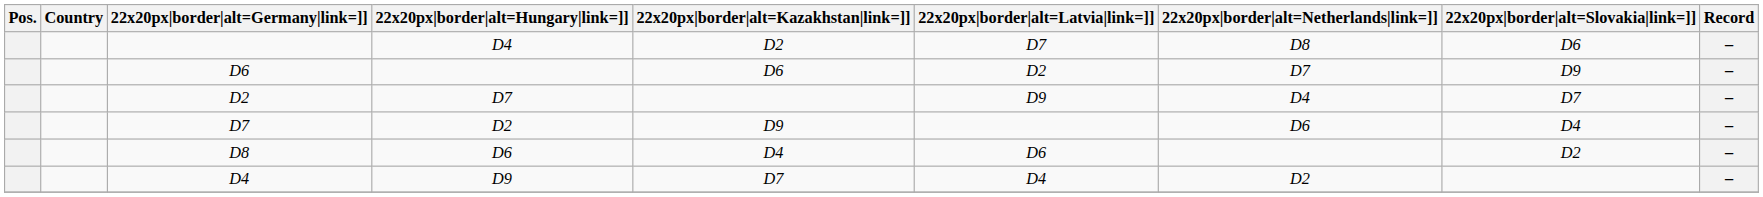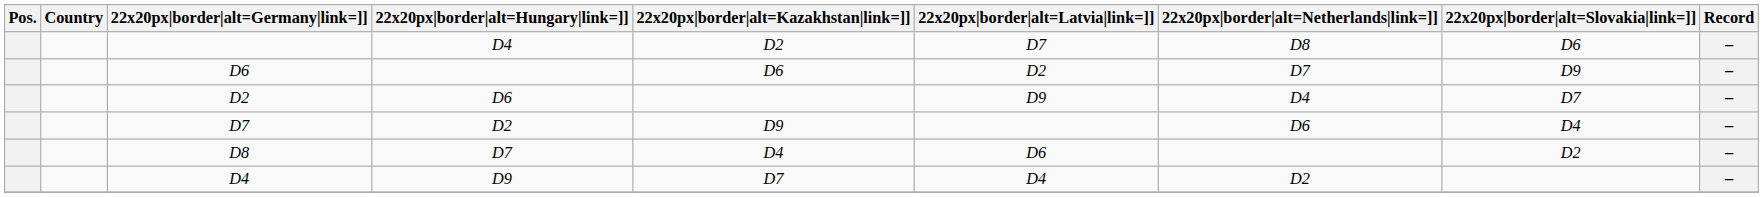 <table class="wikitable sortable nowrap" style="text-align:center; font-size:0.9em;">
 <tr>
 <th>Pos.</th>
 <th>Country</th>
 <th [[Image:>22x20px|border|alt=Germany|link=]]</th>
 <th [[Image:>22x20px|border|alt=Hungary|link=]]</th>
 <th [[Image:>22x20px|border|alt=Kazakhstan|link=]]</th>
 <th [[Image:>22x20px|border|alt=Latvia|link=]]</th>
 <th [[Image:>22x20px|border|alt=Netherlands|link=]]</th>
 <th [[Image:>22x20px|border|alt=Slovakia|link=]]</th>
 <th>Record</th>
 </tr>
 <tr>
 <th></th>
 <td style="text-align:left;"></td>
 <td> </td>
 <td><em>D4</em> </td>
 <td><em>D2</em> </td>
 <td><em>D7</em> </td>
 <td><em>D8</em> </td>
 <td><em>D6</em> </td>
 <th>–</th>
 </tr>
 <tr>
 <th></th>
 <td style="text-align:left;"></td>
 <td><em>D6</em> </td>
 <td> </td>
 <td><em>D6</em> </td>
 <td><em>D2</em> </td>
 <td><em>D7</em> </td>
 <td><em>D9</em> </td>
 <th>–</th>
 </tr>
 <tr>
 <th></th>
 <td style="text-align:left;"></td>
 <td><em>D2</em> </td>
-<td><em>D7</em> </td>
+<td><em>D6</em> </td>
 <td> </td>
 <td><em>D9</em> </td>
 <td><em>D4</em> </td>
 <td><em>D7</em> </td>
 <th>–</th>
 </tr>
 <tr>
 <th></th>
 <td style="text-align:left;"></td>
 <td><em>D7</em> </td>
 <td><em>D2</em> </td>
 <td><em>D9</em> </td>
 <td> </td>
 <td><em>D6</em> </td>
 <td><em>D4</em> </td>
 <th>–</th>
 </tr>
 <tr>
 <th></th>
 <td style="text-align:left;"></td>
 <td><em>D8</em> </td>
-<td><em>D6</em> </td>
+<td><em>D7</em> </td>
 <td><em>D4</em> </td>
 <td><em>D6</em> </td>
 <td> </td>
 <td><em>D2</em> </td>
 <th>–</th>
 </tr>
 <tr>
 <th></th>
 <td style="text-align:left;"></td>
 <td><em>D4</em> </td>
 <td><em>D9</em> </td>
 <td><em>D7</em> </td>
 <td><em>D4</em> </td>
 <td><em>D2</em> </td>
 <td> </td>
 <th>–</th>
 </tr>
 <tr>
 </tr>
 </table>
